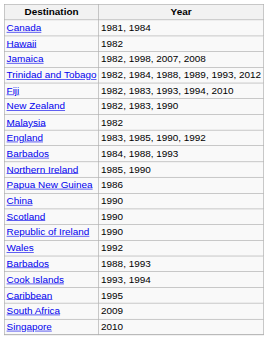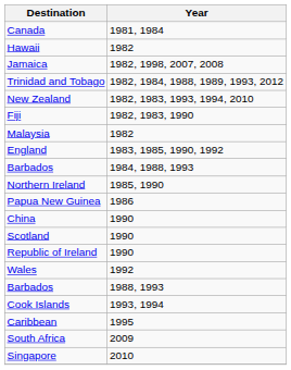 <table class="wikitable collapsible">
 <tr>
 <th>Destination</th>
 <th>Year</th>
 </tr>
 <tr>
 <td><a href='#'>Canada</a></td>
 <td>1981, 1984</td>
 </tr>
 <tr>
 <td><a href='#'>Hawaii</a></td>
 <td>1982</td>
 </tr>
 <tr>
 <td><a href='#'>Jamaica</a></td>
 <td>1982, 1998, 2007, 2008</td>
 </tr>
 <tr>
 <td><a href='#'>Trinidad and Tobago</a></td>
 <td>1982, 1984, 1988, 1989, 1993, 2012</td>
 </tr>
 <tr>
-<td><a href='#'>Fiji</a></td>
+<td><a href='#'>New Zealand</a></td>
 <td>1982, 1983, 1993, 1994, 2010</td>
 </tr>
 <tr>
-<td><a href='#'>New Zealand</a></td>
+<td><a href='#'>Fiji</a></td>
 <td>1982, 1983, 1990</td>
 </tr>
 <tr>
 <td><a href='#'>Malaysia</a></td>
 <td>1982</td>
 </tr>
 <tr>
 <td><a href='#'>England</a></td>
 <td>1983, 1985, 1990, 1992</td>
 </tr>
 <tr>
 <td><a href='#'>Barbados</a></td>
 <td>1984, 1988, 1993</td>
 </tr>
 <tr>
 <td><a href='#'>Northern Ireland</a></td>
 <td>1985, 1990</td>
 </tr>
 <tr>
 <td><a href='#'>Papua New Guinea</a></td>
 <td>1986</td>
 </tr>
 <tr>
 <td><a href='#'>China</a></td>
 <td>1990</td>
 </tr>
 <tr>
 <td><a href='#'>Scotland</a></td>
 <td>1990</td>
 </tr>
 <tr>
 <td><a href='#'>Republic of Ireland</a></td>
 <td>1990</td>
 </tr>
 <tr>
 <td><a href='#'>Wales</a></td>
 <td>1992</td>
 </tr>
 <tr>
 <td><a href='#'>Barbados</a></td>
 <td>1988, 1993</td>
 </tr>
 <tr>
 <td><a href='#'>Cook Islands</a></td>
 <td>1993, 1994</td>
 </tr>
 <tr>
 <td><a href='#'>Caribbean</a></td>
 <td>1995</td>
 </tr>
 <tr>
 <td><a href='#'>South Africa</a></td>
 <td>2009</td>
 </tr>
 <tr>
 <td><a href='#'>Singapore</a></td>
 <td>2010</td>
 </tr>
 <tr>
 </tr>
 </table>
